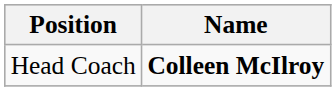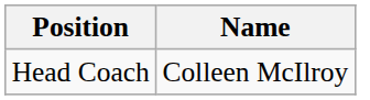 <table class="wikitable">
 <tr>
 <th>Position</th>
 <th>Name</th>
 </tr>
 <tr>
 <td>Head Coach</td>
-<td><strong> Colleen McIlroy</strong></td>
+<td> Colleen McIlroy</td>
 </tr>
 </table>
